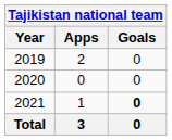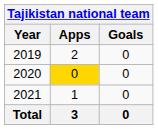 <table class="wikitable" style="text-align:center">
 <tr>
 <th colspan=3><a href='#'>Tajikistan national team</a></th>
 </tr>
 <tr>
 <th>Year</th>
 <th>Apps</th>
 <th>Goals</th>
 </tr>
 <tr>
 <td>2019</td>
 <td>2</td>
 <td>0</td>
 </tr>
 <tr>
 <td>2020</td>
-<td>0</td>
+<td style="background: gold;">0</td>
 <td>0</td>
 </tr>
 <tr>
 <td>2021</td>
 <td>1</td>
-<td><strong>0</strong></td>
+<td>0</td>
 </tr>
 <tr>
 <th>Total</th>
 <th>3</th>
 <th>0</th>
 </tr>
 </table>
